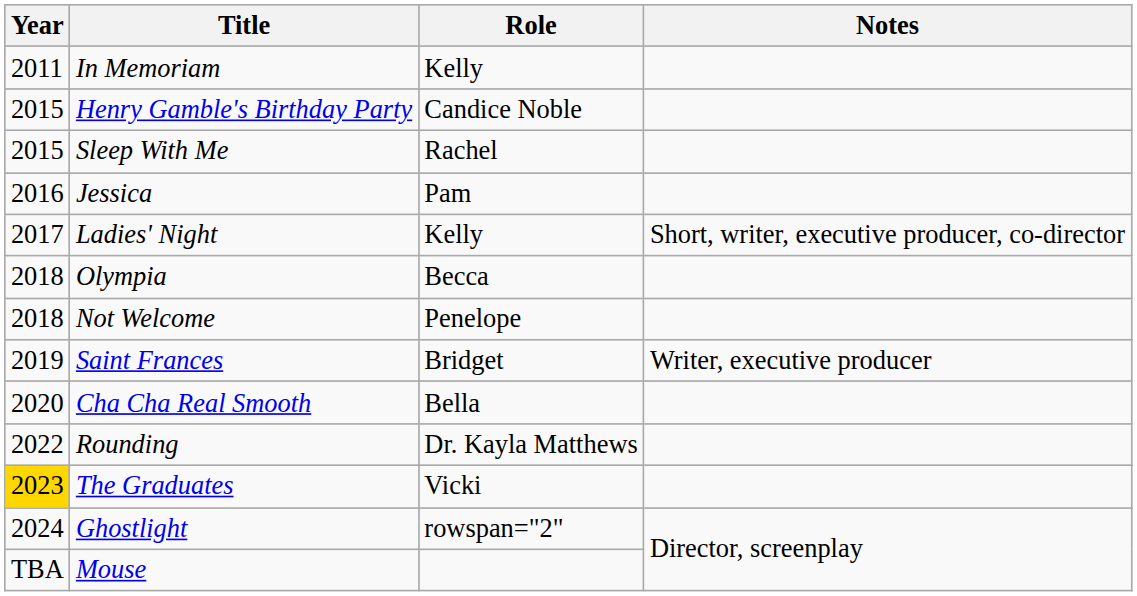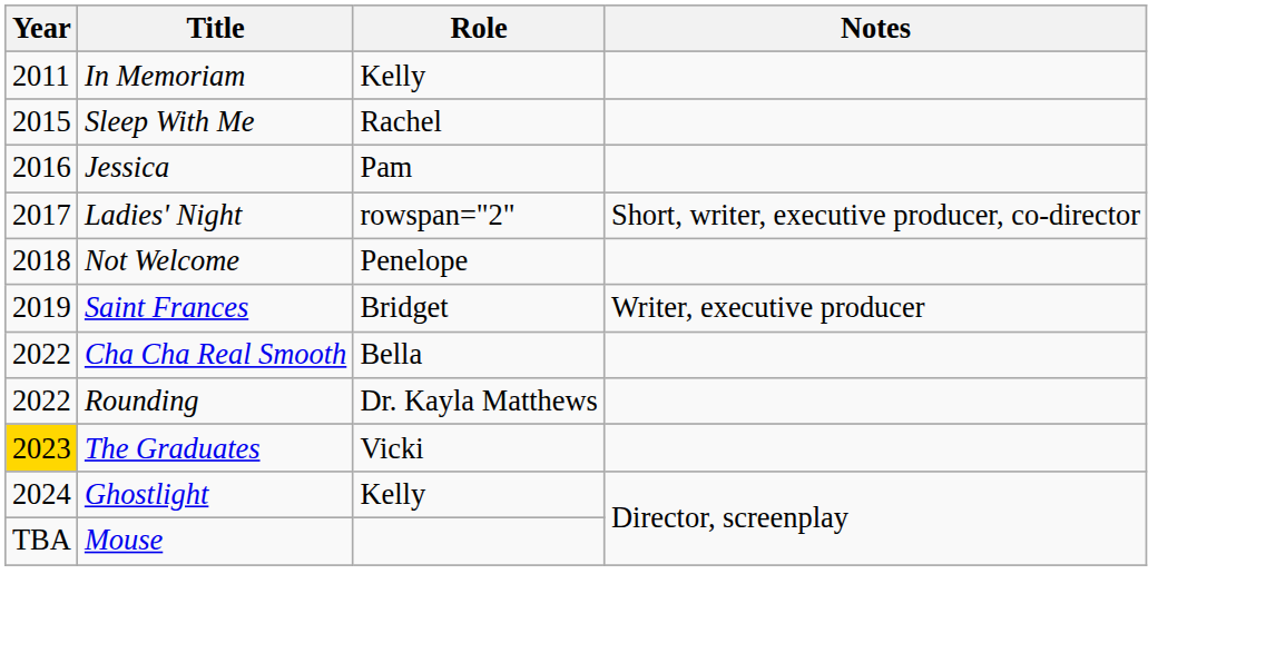 <table class="wikitable sortable">
 <tr>
 <th>Year</th>
 <th>Title</th>
 <th>Role</th>
 <th>Notes</th>
 </tr>
 <tr>
 <td>2011</td>
 <td><em>In Memoriam</em></td>
 <td>Kelly</td>
-<td></td>
-</tr>
-<tr>
-<td>2015</td>
-<td><em><a href='#'>Henry Gamble's Birthday Party</a></em></td>
-<td>Candice Noble</td>
 <td></td>
 </tr>
 <tr>
 <td>2015</td>
 <td><em>Sleep With Me</em></td>
 <td>Rachel</td>
 <td></td>
 </tr>
 <tr>
 <td>2016</td>
 <td><em>Jessica</em></td>
 <td>Pam</td>
 <td></td>
 </tr>
 <tr>
 <td>2017</td>
 <td><em>Ladies' Night</em></td>
-<td>Kelly</td>
+<td>rowspan="2" </td>
 <td>Short, writer, executive producer, co-director</td>
-</tr>
-<tr>
-<td>2018</td>
-<td><em>Olympia</em></td>
-<td>Becca</td>
-<td></td>
 </tr>
 <tr>
 <td>2018</td>
 <td><em>Not Welcome</em></td>
 <td>Penelope</td>
 <td></td>
 </tr>
 <tr>
 <td>2019</td>
 <td><em><a href='#'>Saint Frances</a></em></td>
 <td>Bridget</td>
 <td>Writer, executive producer</td>
 </tr>
 <tr>
-<td>2020</td>
+<td>2022</td>
 <td><em><a href='#'>Cha Cha Real Smooth</a></em></td>
 <td>Bella</td>
 <td></td>
 </tr>
 <tr>
 <td>2022</td>
 <td><em>Rounding</em></td>
 <td>Dr. Kayla Matthews</td>
 <td></td>
 </tr>
 <tr>
 <td style="background: gold;">2023</td>
 <td><em><a href='#'>The Graduates</a></em></td>
 <td>Vicki</td>
 <td></td>
 </tr>
 <tr>
 <td>2024</td>
 <td><em><a href='#'>Ghostlight</a></em></td>
-<td>rowspan="2" </td>
+<td>Kelly</td>
 <td rowspan="2">Director, screenplay</td>
 </tr>
 <tr>
 <td>TBA</td>
 <td><em><a href='#'>Mouse</a></em></td>
 </tr>
 </table>
